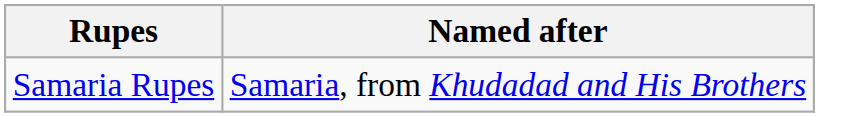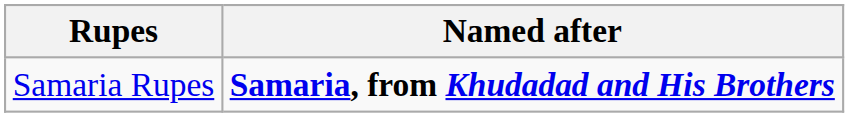 <table class="wikitable">
 <tr>
 <th>Rupes</th>
 <th>Named after</th>
 </tr>
 <tr>
 <td><a href='#'>Samaria Rupes</a></td>
-<td><a href='#'>Samaria</a>, from <em><a href='#'>Khudadad and His Brothers</a></em></td>
+<td><strong><a href='#'>Samaria</a>, from <em><a href='#'>Khudadad and His Brothers</a></em></strong></td>
 </tr>
 </table>
